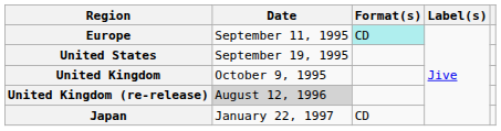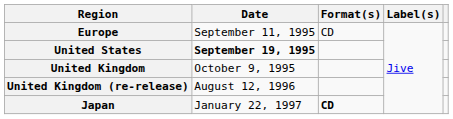 <table class="wikitable plainrowheaders">
 <tr>
 <th scope="col">Region</th>
 <th scope="col">Date</th>
 <th scope="col">Format(s)</th>
 <th scope="col">Label(s)</th>
 <th scope="col"></th>
 </tr>
 <tr>
 <th scope="row">Europe</th>
 <td>September 11, 1995</td>
-<td style="background: paleturquoise;">CD</td>
+<td>CD</td>
 <td rowspan="5"><a href='#'>Jive</a></td>
 <td></td>
 </tr>
 <tr>
 <th scope="row">United States</th>
-<td>September 19, 1995</td>
+<td><strong>September 19, 1995</strong></td>
 <td></td>
 <td></td>
 </tr>
 <tr>
 <th scope="row">United Kingdom</th>
 <td>October 9, 1995</td>
 <td></td>
 <td></td>
 </tr>
 <tr>
 <th scope="row">United Kingdom (re-release)</th>
-<td style="background: lightgrey;">August 12, 1996</td>
+<td>August 12, 1996</td>
 <td></td>
 <td></td>
 </tr>
 <tr>
 <th scope="row">Japan</th>
 <td>January 22, 1997</td>
-<td>CD</td>
+<td><strong>CD</strong></td>
 <td></td>
 </tr>
 </table>
